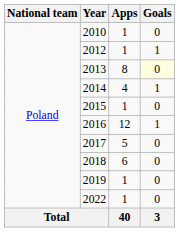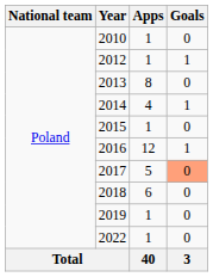 <table class="wikitable" style="text-align:center">
 <tr>
 <th>National team</th>
 <th>Year</th>
 <th>Apps</th>
 <th>Goals</th>
 </tr>
 <tr>
 <td rowspan="10"><a href='#'>Poland</a></td>
 <td>2010</td>
 <td>1</td>
 <td>0</td>
 </tr>
 <tr>
 <td>2012</td>
 <td>1</td>
 <td>1</td>
 </tr>
 <tr>
 <td>2013</td>
 <td>8</td>
-<td style="background: lightyellow;">0</td>
+<td>0</td>
 </tr>
 <tr>
 <td>2014</td>
 <td>4</td>
 <td>1</td>
 </tr>
 <tr>
 <td>2015</td>
 <td>1</td>
 <td>0</td>
 </tr>
 <tr>
 <td>2016</td>
 <td>12</td>
 <td>1</td>
 </tr>
 <tr>
 <td>2017</td>
 <td>5</td>
-<td>0</td>
+<td style="background: lightsalmon;">0</td>
 </tr>
 <tr>
 <td>2018</td>
 <td>6</td>
 <td>0</td>
 </tr>
 <tr>
 <td>2019</td>
 <td>1</td>
 <td>0</td>
 </tr>
 <tr>
 <td>2022</td>
 <td>1</td>
 <td>0</td>
 </tr>
 <tr>
 <th colspan="2">Total</th>
 <th>40</th>
 <th>3</th>
 </tr>
 </table>
